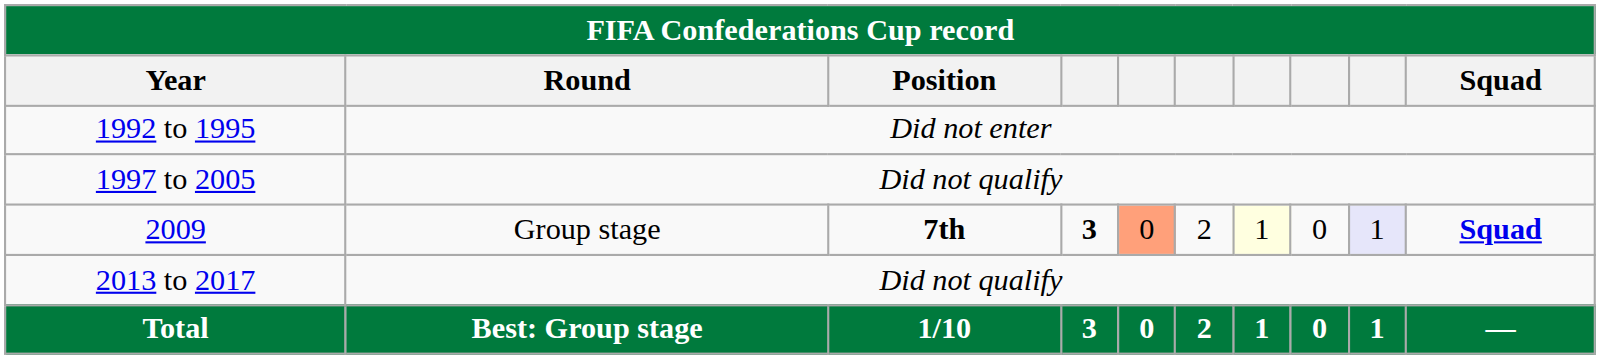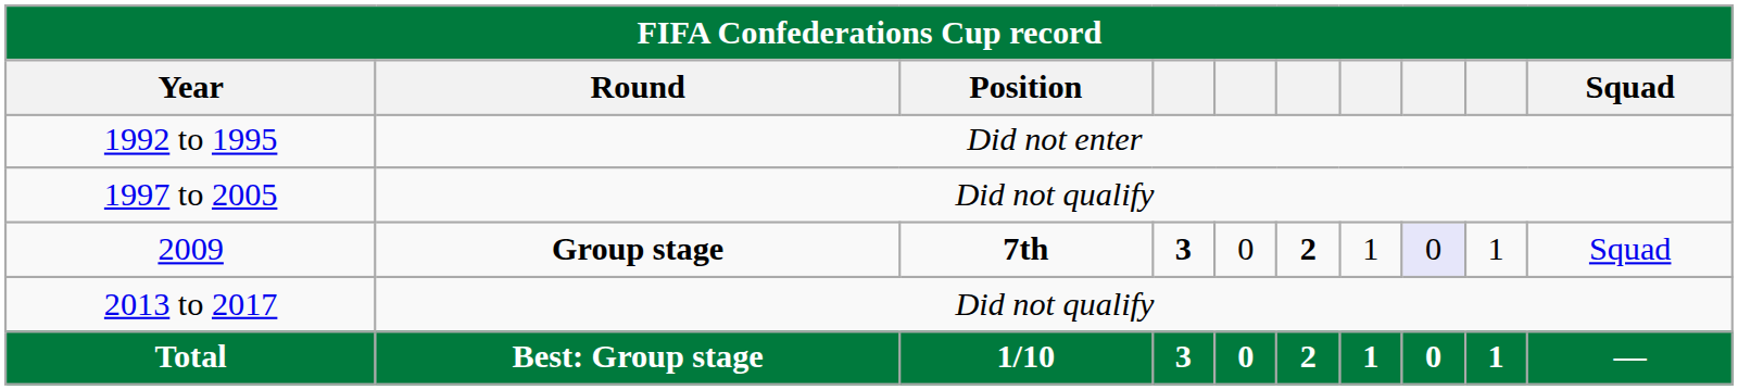 <table class="wikitable collapsed" style="font-size:90%; text-align:center;" width="60%">
 <tr>
 <th colspan=10 style="background: #007A3D; color: #FFFFFF;">FIFA Confederations Cup record</th>
 </tr>
 <tr>
 <th>Year</th>
 <th>Round</th>
 <th>Position</th>
 <th></th>
 <th></th>
 <th></th>
 <th></th>
 <th></th>
 <th></th>
 <th>Squad</th>
 </tr>
 <tr>
 <td> <a href='#'>1992</a> to  <a href='#'>1995</a></td>
 <td colspan="10"><em>Did not enter</em></td>
 </tr>
 <tr>
 <td> <a href='#'>1997</a> to  <a href='#'>2005</a></td>
 <td colspan="10"><em>Did not qualify</em></td>
 </tr>
 <tr>
 <td> <a href='#'>2009</a></td>
-<td>Group stage</td>
+<td><strong>Group stage</strong></td>
 <td><strong>7th</strong></td>
 <td><strong>3</strong></td>
-<td style="background: lightsalmon;">0</td>
-<td>2</td>
-<td style="background: lightyellow;">1</td>
 <td>0</td>
-<td style="background: lavender;">1</td>
-<td><strong><a href='#'>Squad</a></strong></td>
+<td><strong>2</strong></td>
+<td>1</td>
+<td style="background: lavender;">0</td>
+<td>1</td>
+<td><a href='#'>Squad</a></td>
 </tr>
 <tr>
 <td> <a href='#'>2013</a> to  <a href='#'>2017</a></td>
 <td colspan="10"><em>Did not qualify</em></td>
 </tr>
 <tr>
 <th style="background: #007A3D; color: #FFFFFF;">Total</th>
 <th style="background: #007A3D; color: #FFFFFF;">Best: Group stage</th>
 <th style="background: #007A3D; color: #FFFFFF;">1/10</th>
 <th style="background: #007A3D; color: #FFFFFF;">3</th>
 <th style="background: #007A3D; color: #FFFFFF;">0</th>
 <th style="background: #007A3D; color: #FFFFFF;">2</th>
 <th style="background: #007A3D; color: #FFFFFF;">1</th>
 <th style="background: #007A3D; color: #FFFFFF;">0</th>
 <th style="background: #007A3D; color: #FFFFFF;">1</th>
 <th style="background: #007A3D; color: #FFFFFF;">—</th>
 </tr>
 </table>
